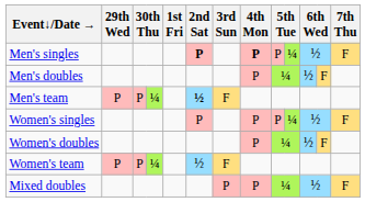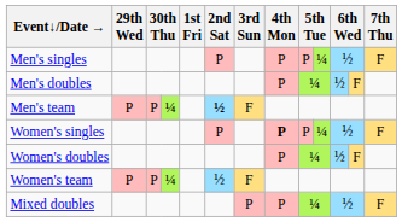 <table class="wikitable" style="margin:0.5em auto; font-size:90%; line-height:1.25em; text-align:center;">
 <tr>
 <th>Event↓/Date →</th>
 <th>29th<br>Wed</th>
 <th colspan=2>30th<br>Thu</th>
 <th>1st<br>Fri</th>
 <th>2nd<br>Sat</th>
 <th>3rd<br>Sun</th>
 <th>4th<br>Mon</th>
 <th colspan=2>5th<br>Tue</th>
 <th colspan=2>6th<br>Wed</th>
 <th>7th<br>Thu</th>
 </tr>
 <tr>
 <td align="left"><a href='#'>Men's singles</a></td>
 <td></td>
 <td colspan=2></td>
 <td></td>
-<td bgcolor="#FFBBBB"><strong>P</strong></td>
+<td bgcolor="#FFBBBB">P</td>
 <td></td>
-<td bgcolor="#FFBBBB"><strong>P</strong></td>
+<td bgcolor="#FFBBBB">P</td>
 <td bgcolor="#FFBBBB">P</td>
 <td bgcolor="#AFF55B">¼</td>
 <td colspan=2 bgcolor="#97DEFF">½</td>
 <td bgcolor="#FFDF80">F</td>
 </tr>
 <tr>
 <td align="left"><a href='#'>Men's doubles</a></td>
 <td></td>
 <td colspan=2></td>
 <td></td>
 <td></td>
 <td></td>
 <td bgcolor="#FFBBBB">P</td>
 <td colspan=2 bgcolor="#AFF55B">¼</td>
 <td bgcolor="#97DEFF">½</td>
 <td bgcolor="#FFDF80">F</td>
 <td></td>
 </tr>
 <tr>
 <td align="left"><a href='#'>Men's team</a></td>
 <td bgcolor="#FFBBBB">P</td>
 <td bgcolor="#FFBBBB">P</td>
 <td bgcolor="#AFF55B">¼</td>
 <td></td>
 <td bgcolor="#97DEFF"><strong>½</strong></td>
 <td bgcolor="#FFDF80">F</td>
 <td></td>
 <td colspan=2></td>
 <td colspan=2></td>
 <td></td>
 </tr>
 <tr>
 <td align="left"><a href='#'>Women's singles</a></td>
 <td></td>
 <td colspan=2></td>
 <td></td>
 <td bgcolor="#FFBBBB">P</td>
 <td></td>
-<td bgcolor="#FFBBBB">P</td>
+<td bgcolor="#FFBBBB"><strong>P</strong></td>
 <td bgcolor="#FFBBBB">P</td>
 <td bgcolor="#AFF55B">¼</td>
 <td colspan=2 bgcolor="#97DEFF">½</td>
 <td bgcolor="#FFDF80">F</td>
 </tr>
 <tr>
 <td align="left"><a href='#'>Women's doubles</a></td>
 <td></td>
 <td colspan=2></td>
 <td></td>
 <td></td>
 <td></td>
 <td bgcolor="#FFBBBB">P</td>
 <td colspan=2 bgcolor="#AFF55B">¼</td>
 <td bgcolor="#97DEFF">½</td>
 <td bgcolor="#FFDF80">F</td>
 <td></td>
 </tr>
 <tr>
 <td align="left"><a href='#'>Women's team</a></td>
 <td bgcolor="#FFBBBB">P</td>
 <td bgcolor="#FFBBBB">P</td>
 <td bgcolor="#AFF55B">¼</td>
 <td></td>
 <td bgcolor="#97DEFF">½</td>
 <td bgcolor="#FFDF80">F</td>
 <td></td>
 <td colspan=2></td>
 <td colspan=2></td>
 <td></td>
 </tr>
 <tr>
 <td align="left"><a href='#'>Mixed doubles</a></td>
 <td></td>
 <td colspan=2></td>
 <td></td>
 <td></td>
 <td bgcolor="#FFBBBB">P</td>
 <td bgcolor="#FFBBBB">P</td>
 <td colspan=2 bgcolor="#AFF55B">¼</td>
 <td colspan=2 bgcolor="#97DEFF">½</td>
 <td bgcolor="#FFDF80">F</td>
 </tr>
 </table>
